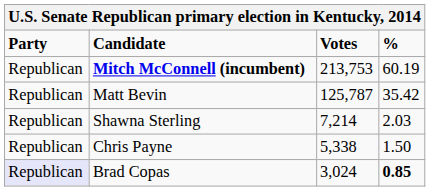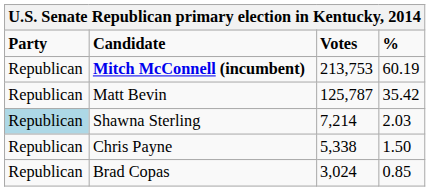 <table class="wikitable">
 <tr>
 <th colspan="5">U.S. Senate Republican primary election in Kentucky, 2014</th>
 </tr>
 <tr>
 <td><strong>Party</strong></td>
 <td><strong>Candidate</strong></td>
 <td><strong>Votes</strong></td>
 <td><strong>%</strong></td>
 </tr>
 <tr>
 <td>Republican</td>
 <td><strong><a href='#'>Mitch McConnell</a> (incumbent)</strong></td>
 <td>213,753</td>
 <td>60.19</td>
 </tr>
 <tr>
 <td>Republican</td>
 <td>Matt Bevin</td>
 <td>125,787</td>
 <td>35.42</td>
 </tr>
 <tr>
-<td>Republican</td>
+<td style="background: lightblue;">Republican</td>
 <td>Shawna Sterling</td>
 <td>7,214</td>
 <td>2.03</td>
 </tr>
 <tr>
 <td>Republican</td>
 <td>Chris Payne</td>
 <td>5,338</td>
 <td>1.50</td>
 </tr>
 <tr>
-<td style="background: lavender;">Republican</td>
+<td>Republican</td>
 <td>Brad Copas</td>
 <td>3,024</td>
-<td><strong>0.85</strong></td>
+<td>0.85</td>
 </tr>
 </table>
